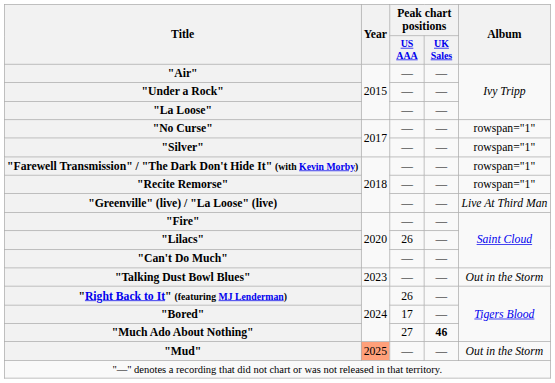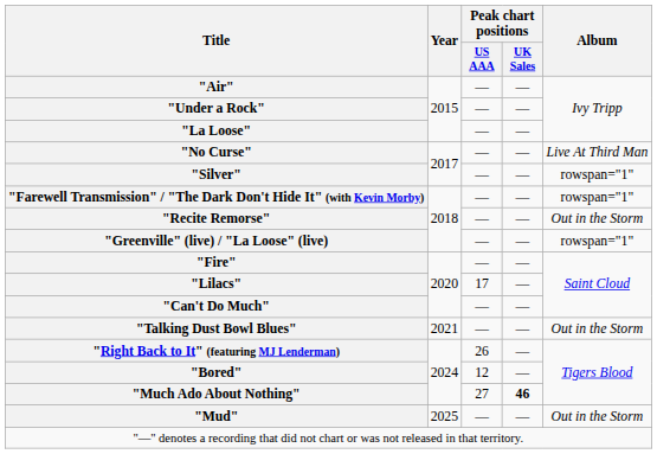 <table class="wikitable plainrowheaders" style="text-align:center;">
 <tr>
 <th scope="col" rowspan="2">Title</th>
 <th scope="col" rowspan="2">Year</th>
 <th scope="col" colspan="2">Peak chart positions</th>
 <th scope="col" rowspan="2">Album</th>
 </tr>
 <tr>
 <th scope="col" style="width:3em;font-size:85%;"><a href='#'>US<br>AAA</a><br></th>
 <th scope="col" style="width:3em;font-size:85%;"><a href='#'>UK<br>Sales</a><br></th>
 </tr>
 <tr>
 <th scope="row">"Air"</th>
 <td rowspan="3">2015</td>
 <td>—</td>
 <td>—</td>
 <td rowspan="3"><em>Ivy Tripp</em></td>
 </tr>
 <tr>
 <th scope="row">"Under a Rock"</th>
 <td>—</td>
 <td>—</td>
 </tr>
 <tr>
 <th scope="row">"La Loose"</th>
 <td>—</td>
 <td>—</td>
 </tr>
 <tr>
 <th scope="row">"No Curse"</th>
 <td rowspan="2">2017</td>
 <td>—</td>
 <td>—</td>
-<td>rowspan="1" </td>
+<td rowspan="1"><em>Live At Third Man</em></td>
 </tr>
 <tr>
 <th scope="row">"Silver"</th>
 <td>—</td>
 <td>—</td>
 <td>rowspan="1" </td>
 </tr>
 <tr>
 <th scope="row">"Farewell Transmission" / "The Dark Don't Hide It" <small>(with <a href='#'>Kevin Morby</a>)</small></th>
 <td rowspan="3">2018</td>
 <td>—</td>
 <td>—</td>
 <td>rowspan="1" </td>
 </tr>
 <tr>
 <th scope="row">"Recite Remorse"</th>
 <td>—</td>
 <td>—</td>
-<td>rowspan="1" </td>
+<td rowspan="1"><em>Out in the Storm</em></td>
 </tr>
 <tr>
 <th scope="row">"Greenville" (live) / "La Loose" (live)</th>
 <td>—</td>
 <td>—</td>
-<td rowspan="1"><em>Live At Third Man</em></td>
+<td>rowspan="1" </td>
 </tr>
 <tr>
 <th scope="row">"Fire"</th>
 <td rowspan="3">2020</td>
 <td>—</td>
 <td>—</td>
 <td rowspan="3"><em><a href='#'>Saint Cloud</a></em></td>
 </tr>
 <tr>
 <th scope="row">"Lilacs"</th>
-<td>26</td>
+<td>17</td>
 <td>—</td>
 </tr>
 <tr>
 <th scope="row">"Can't Do Much"</th>
 <td>—</td>
 <td>—</td>
 </tr>
 <tr>
 <th scope="row">"Talking Dust Bowl Blues"</th>
-<td rowspan="1">2023</td>
+<td rowspan="1">2021</td>
 <td>—</td>
 <td>—</td>
 <td rowspan="1"><em>Out in the Storm</em></td>
 </tr>
 <tr>
 <th scope="row">"<a href='#'>Right Back to It</a>" <small>(featuring <a href='#'>MJ Lenderman</a>)</small></th>
 <td rowspan="3">2024</td>
 <td>26</td>
 <td>—</td>
 <td rowspan="3"><em><a href='#'>Tigers Blood</a></em></td>
 </tr>
 <tr>
 <th scope="row">"Bored"</th>
-<td>17</td>
+<td>12</td>
 <td>—</td>
 </tr>
 <tr>
 <th scope="row">"Much Ado About Nothing"</th>
 <td>27</td>
 <td><strong>46</strong></td>
 </tr>
 <tr>
 <th scope="row">"Mud"</th>
-<td style="background: lightsalmon;">2025</td>
+<td>2025</td>
 <td>—</td>
 <td>—</td>
 <td rowspan="1"><em>Out in the Storm</em></td>
 </tr>
 <tr>
 <td colspan="14" style="font-size:90%">"—" denotes a recording that did not chart or was not released in that territory.</td>
 </tr>
 </table>
